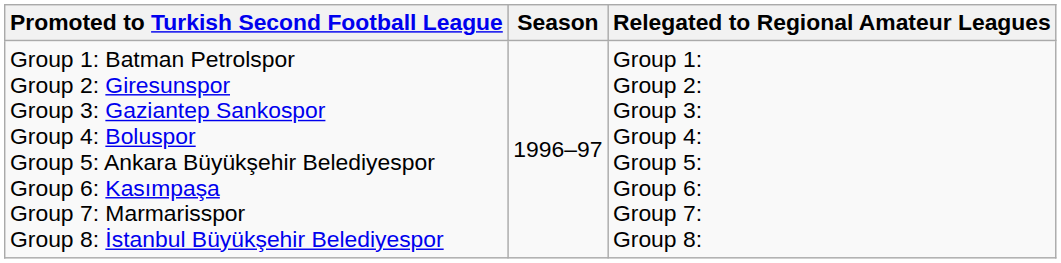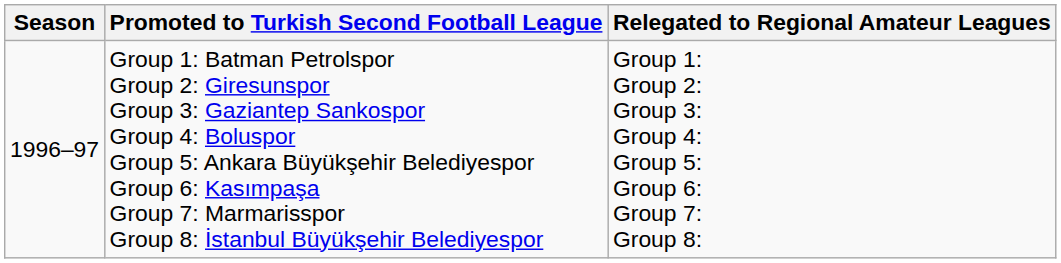 <table class="wikitable">
 <tr>
+<th>Season</th>
 <th>Promoted to <a href='#'>Turkish Second Football League</a></th>
-<th>Season</th>
 <th>Relegated to Regional Amateur Leagues</th>
 </tr>
 <tr>
+<td>1996–97</td>
 <td>Group 1: Batman Petrolspor<br>Group 2: <a href='#'>Giresunspor</a><br>Group 3: <a href='#'>Gaziantep Sankospor</a><br>Group 4: <a href='#'>Boluspor</a><br>Group 5: Ankara Büyükşehir Belediyespor<br>Group 6: <a href='#'>Kasımpaşa</a><br>Group 7: Marmarisspor<br>Group 8: <a href='#'>İstanbul Büyükşehir Belediyespor</a></td>
-<td>1996–97</td>
 <td>Group 1: <br>Group 2: <br>Group 3: <br>Group 4: <br>Group 5: <br>Group 6: <br>Group 7: <br>Group 8:</td>
 </tr>
 </table>
